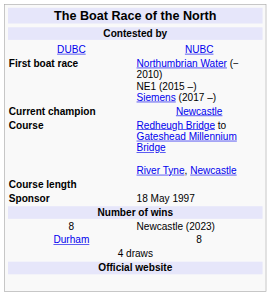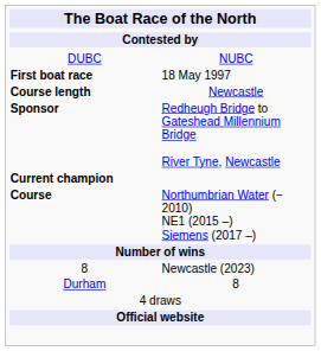 <table class="infobox" style="width: 26em;">
 <tr>
 <td colspan="2" style="text-align: center; font-size: 125%; background:lavender;"><strong>The Boat Race of the North</strong></td>
 </tr>
 <tr>
 <td colspan="2" style="width:100%; vertical-align:middle; text-align:center;"></td>
 </tr>
 <tr>
 <td colspan="2" style="text-align: center; font-size: 100%; background:lavender;"><strong>Contested by</strong></td>
 </tr>
 <tr>
 <td style="width:50%; vertical-align:middle; text-align:center;"></td>
 <td style="width:50%; vertical-align:middle; text-align:center;"></td>
 </tr>
 <tr>
 <td style="text-align:center;"><a href='#'>DUBC</a></td>
 <td style="text-align:center;"><a href='#'>NUBC</a></td>
 </tr>
 <tr>
 <td><strong>First boat race</strong></td>
-<td><a href='#'>Northumbrian Water</a> (− 2010)<br>NE1 (2015 –)<br><a href='#'>Siemens</a> (2017 –)</td>
+<td>18 May 1997</td>
+</tr>
+<tr>
+<td><strong>Course length</strong></td>
+<td style="text-align:center;"><a href='#'>Newcastle</a></td>
+</tr>
+<tr>
+<td><strong>Sponsor</strong></td>
+<td><a href='#'>Redheugh Bridge</a> to <a href='#'>Gateshead Millennium Bridge</a><br><br><a href='#'>River Tyne</a>, <a href='#'>Newcastle</a></td>
 </tr>
 <tr>
 <td><strong>Current champion</strong></td>
-<td style="text-align:center;"><a href='#'>Newcastle</a></td>
+<td></td>
 </tr>
 <tr>
 <td><strong>Course</strong></td>
-<td><a href='#'>Redheugh Bridge</a> to <a href='#'>Gateshead Millennium Bridge</a><br><br><a href='#'>River Tyne</a>, <a href='#'>Newcastle</a></td>
-</tr>
-<tr>
-<td><strong>Course length</strong></td>
-<td></td>
-</tr>
-<tr>
-<td><strong>Sponsor</strong></td>
-<td>18 May 1997</td>
+<td><a href='#'>Northumbrian Water</a> (− 2010)<br>NE1 (2015 –)<br><a href='#'>Siemens</a> (2017 –)</td>
 </tr>
 <tr>
 <td colspan="2" style="text-align: center; font-size: 100%; background:lavender;"><strong>Number of wins</strong></td>
 </tr>
 <tr>
 <td style="text-align:center;">8</td>
 <td>Newcastle (2023)</td>
 </tr>
 <tr>
 <td style="text-align:center;"><a href='#'>Durham</a></td>
 <td style="text-align:center;">8<br></td>
 </tr>
 <tr>
 <td colspan="2" style="text-align: center; font-size: 100%;">4 draws</td>
 </tr>
 <tr>
 <td colspan="2" style="text-align: center; font-size: 100%; background:lavender;"><strong>Official website</strong></td>
 </tr>
 <tr>
 <td colspan="2" style="text-align:center;"><br></td>
 </tr>
 </table>
